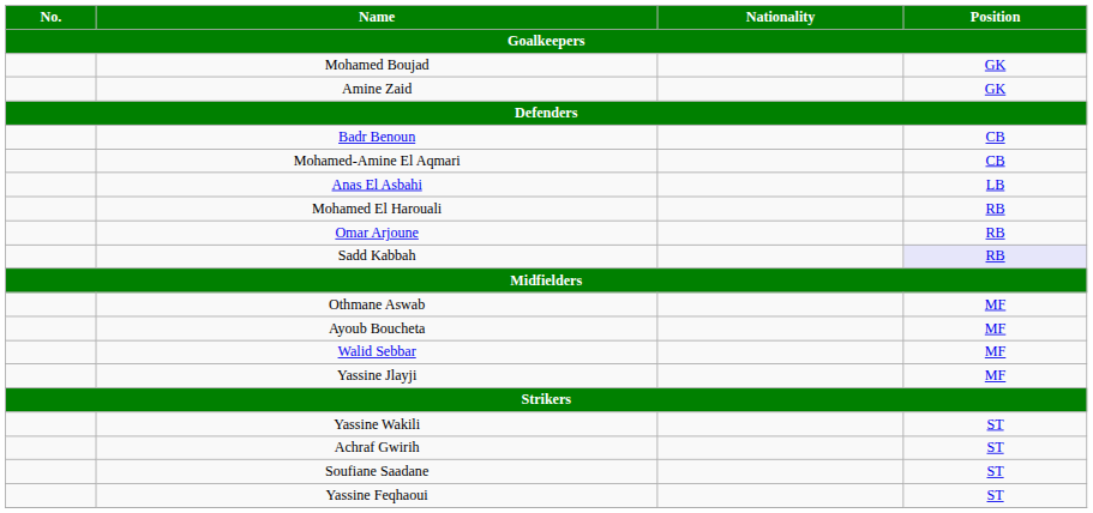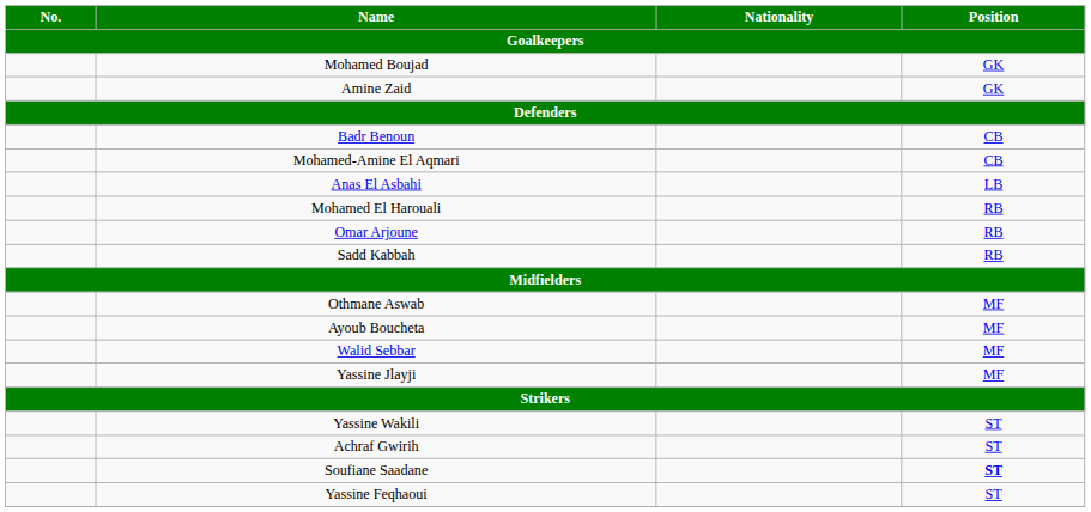 <table class="wikitable"  style="text-align:center; font-size:90%; width:85%;">
 <tr>
 <th style="background:#008000; color:white; text-align:center;">No.</th>
 <th style="background:#008000; color:white; text-align:center;">Name</th>
 <th style="background:#008000; color:white; text-align:center;">Nationality</th>
 <th style="background:#008000; color:white; text-align:center;">Position</th>
 </tr>
 <tr>
 <th colspan="11"  style="background:#008000; color:white; text-align:center;">Goalkeepers</th>
 </tr>
 <tr>
 <td></td>
 <td>Mohamed Boujad</td>
 <td></td>
 <td><a href='#'>GK</a></td>
 </tr>
 <tr>
 <td></td>
 <td>Amine Zaid</td>
 <td></td>
 <td><a href='#'>GK</a></td>
 </tr>
 <tr>
 <th colspan="11"  style="background:#008000; color:white; text-align:center;">Defenders</th>
 </tr>
 <tr>
 <td></td>
 <td><a href='#'>Badr Benoun</a></td>
 <td></td>
 <td><a href='#'>CB</a></td>
 </tr>
 <tr>
 <td></td>
 <td>Mohamed-Amine El Aqmari</td>
 <td></td>
 <td><a href='#'>CB</a></td>
 </tr>
 <tr>
 <td></td>
 <td><a href='#'>Anas El Asbahi</a></td>
 <td></td>
 <td><a href='#'>LB</a></td>
 </tr>
 <tr>
 <td></td>
 <td>Mohamed El Harouali</td>
 <td></td>
 <td><a href='#'>RB</a></td>
 </tr>
 <tr>
 <td></td>
 <td><a href='#'>Omar Arjoune</a></td>
 <td></td>
 <td><a href='#'>RB</a></td>
 </tr>
 <tr>
 <td></td>
 <td>Sadd Kabbah</td>
 <td></td>
-<td style="background: lavender;"><a href='#'>RB</a></td>
+<td><a href='#'>RB</a></td>
 </tr>
 <tr>
 <th colspan="11"  style="background:#008000; color:white; text-align:center;">Midfielders</th>
 </tr>
 <tr>
 <td></td>
 <td>Othmane Aswab</td>
 <td></td>
 <td><a href='#'>MF</a></td>
 </tr>
 <tr>
 <td></td>
 <td>Ayoub Boucheta</td>
 <td></td>
 <td><a href='#'>MF</a></td>
 </tr>
 <tr>
 <td></td>
 <td><a href='#'>Walid Sebbar</a></td>
 <td></td>
 <td><a href='#'>MF</a></td>
 </tr>
 <tr>
 <td></td>
 <td>Yassine Jlayji</td>
 <td></td>
 <td><a href='#'>MF</a></td>
 </tr>
 <tr>
 <th colspan="11"  style="background:#008000; color:white; text-align:center;">Strikers</th>
 </tr>
 <tr>
 <td></td>
 <td>Yassine Wakili</td>
 <td></td>
 <td><a href='#'>ST</a></td>
 </tr>
 <tr>
 <td></td>
 <td>Achraf Gwirih</td>
 <td></td>
 <td><a href='#'>ST</a></td>
 </tr>
 <tr>
 <td></td>
 <td>Soufiane Saadane</td>
 <td></td>
-<td><a href='#'>ST</a></td>
+<td><strong><a href='#'>ST</a></strong></td>
 </tr>
 <tr>
 <td></td>
 <td>Yassine Feqhaoui</td>
 <td></td>
 <td><a href='#'>ST</a></td>
 </tr>
 <tr>
 </tr>
 </table>
